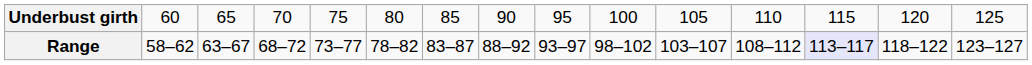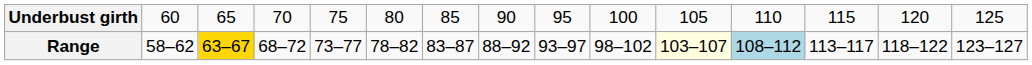 <table class="wikitable">
 <tr style="text-align:center;">
 <th>Underbust girth</th>
 <td>60</td>
 <td>65</td>
 <td>70</td>
 <td>75</td>
 <td>80</td>
 <td>85</td>
 <td>90</td>
 <td>95</td>
 <td>100</td>
 <td>105</td>
 <td>110</td>
 <td>115</td>
 <td>120</td>
 <td>125</td>
 </tr>
 <tr style="text-align:center;">
 <th>Range</th>
 <td>58–62</td>
-<td>63–67</td>
+<td style="background: gold;">63–67</td>
 <td>68–72</td>
 <td>73–77</td>
 <td>78–82</td>
 <td>83–87</td>
 <td>88–92</td>
 <td>93–97</td>
 <td>98–102</td>
-<td>103–107</td>
-<td>108–112</td>
-<td style="background: lavender;">113–117</td>
+<td style="background: lightyellow;">103–107</td>
+<td style="background: lightblue;">108–112</td>
+<td>113–117</td>
 <td>118–122</td>
 <td>123–127</td>
 </tr>
 </table>
